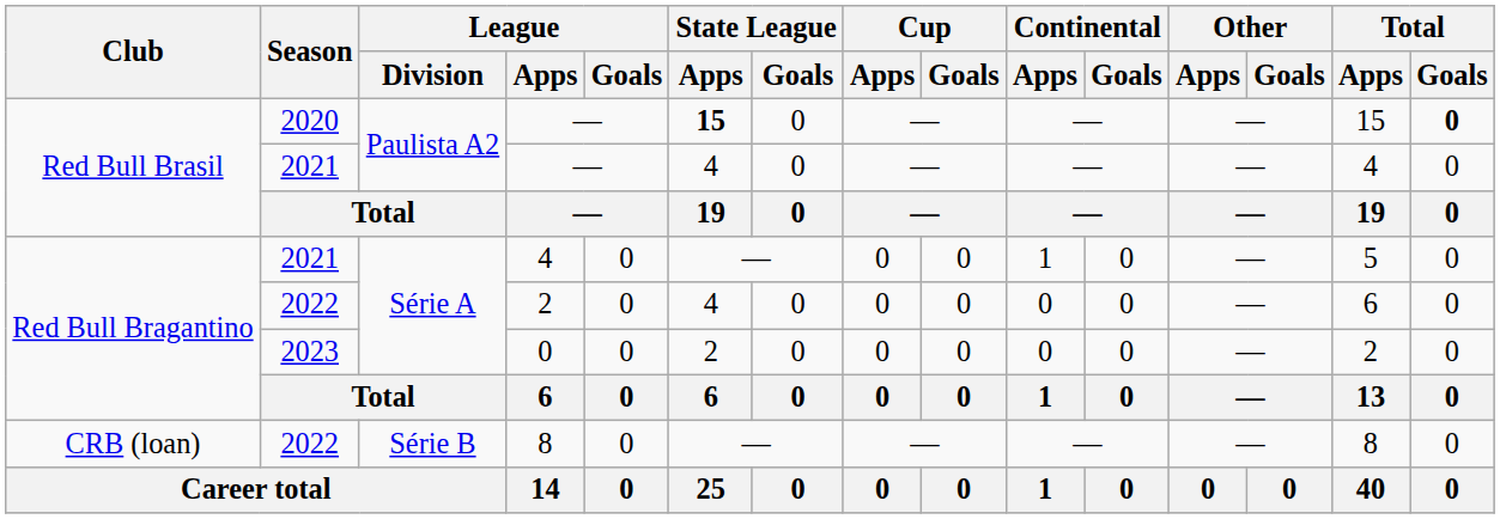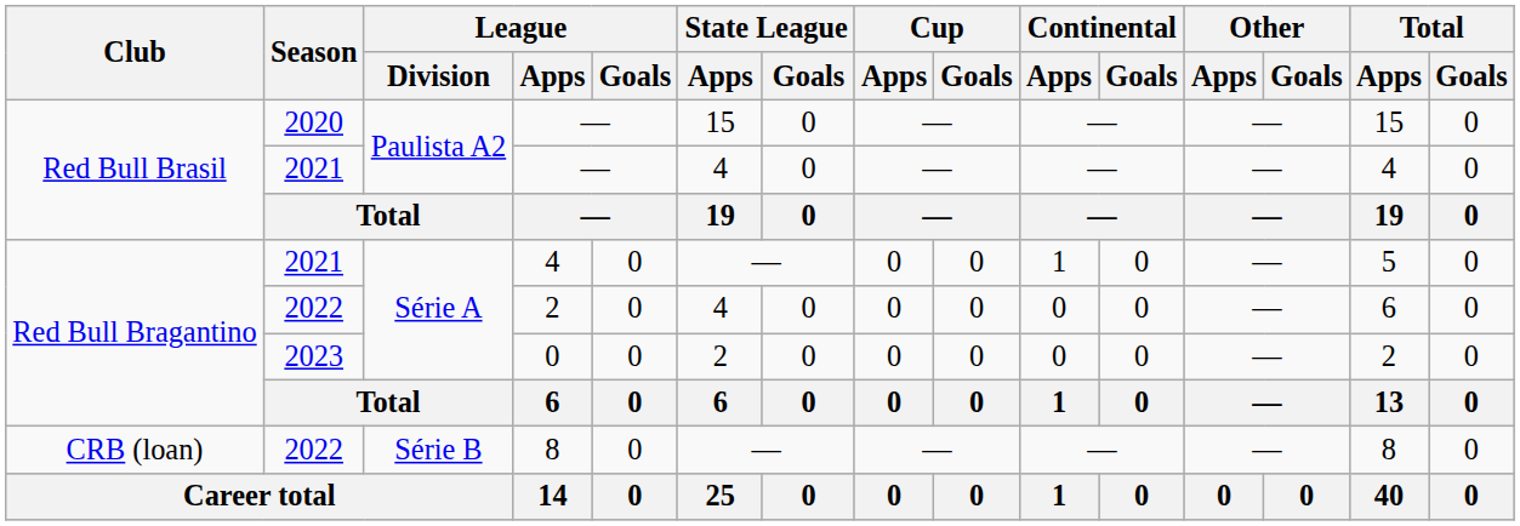 <table class="wikitable" style="text-align: center">
 <tr>
 <th rowspan="2">Club</th>
 <th rowspan="2">Season</th>
 <th colspan="3">League</th>
 <th colspan="2">State League</th>
 <th colspan="2">Cup</th>
 <th colspan="2">Continental</th>
 <th colspan="2">Other</th>
 <th colspan="2">Total</th>
 </tr>
 <tr>
 <th>Division</th>
 <th>Apps</th>
 <th>Goals</th>
 <th>Apps</th>
 <th>Goals</th>
 <th>Apps</th>
 <th>Goals</th>
 <th>Apps</th>
 <th>Goals</th>
 <th>Apps</th>
 <th>Goals</th>
 <th>Apps</th>
 <th>Goals</th>
 </tr>
 <tr>
 <td rowspan="3"><a href='#'>Red Bull Brasil</a></td>
 <td><a href='#'>2020</a></td>
 <td rowspan="2"><a href='#'>Paulista A2</a></td>
 <td colspan="2">—</td>
-<td><strong>15</strong></td>
+<td>15</td>
 <td>0</td>
 <td colspan="2">—</td>
 <td colspan="2">—</td>
 <td colspan="2">—</td>
 <td>15</td>
-<td><strong>0</strong></td>
+<td>0</td>
 </tr>
 <tr>
 <td><a href='#'>2021</a></td>
 <td colspan="2">—</td>
 <td>4</td>
 <td>0</td>
 <td colspan="2">—</td>
 <td colspan="2">—</td>
 <td colspan="2">—</td>
 <td>4</td>
 <td>0</td>
 </tr>
 <tr>
 <th colspan="2">Total</th>
 <th colspan="2">—</th>
 <th>19</th>
 <th>0</th>
 <th colspan="2">—</th>
 <th colspan="2">—</th>
 <th colspan="2">—</th>
 <th>19</th>
 <th>0</th>
 </tr>
 <tr>
 <td rowspan="4"><a href='#'>Red Bull Bragantino</a></td>
 <td><a href='#'>2021</a></td>
 <td rowspan="3"><a href='#'>Série A</a></td>
 <td>4</td>
 <td>0</td>
 <td colspan="2">—</td>
 <td>0</td>
 <td>0</td>
 <td>1</td>
 <td>0</td>
 <td colspan="2">—</td>
 <td>5</td>
 <td>0</td>
 </tr>
 <tr>
 <td><a href='#'>2022</a></td>
 <td>2</td>
 <td>0</td>
 <td>4</td>
 <td>0</td>
 <td>0</td>
 <td>0</td>
 <td>0</td>
 <td>0</td>
 <td colspan="2">—</td>
 <td>6</td>
 <td>0</td>
 </tr>
 <tr>
 <td><a href='#'>2023</a></td>
 <td>0</td>
 <td>0</td>
 <td>2</td>
 <td>0</td>
 <td>0</td>
 <td>0</td>
 <td>0</td>
 <td>0</td>
 <td colspan="2">—</td>
 <td>2</td>
 <td>0</td>
 </tr>
 <tr>
 <th colspan="2">Total</th>
 <th>6</th>
 <th>0</th>
 <th>6</th>
 <th>0</th>
 <th>0</th>
 <th>0</th>
 <th>1</th>
 <th>0</th>
 <th colspan="2">—</th>
 <th>13</th>
 <th>0</th>
 </tr>
 <tr>
 <td><a href='#'>CRB</a> (loan)</td>
 <td><a href='#'>2022</a></td>
 <td><a href='#'>Série B</a></td>
 <td>8</td>
 <td>0</td>
 <td colspan="2">—</td>
 <td colspan="2">—</td>
 <td colspan="2">—</td>
 <td colspan="2">—</td>
 <td>8</td>
 <td>0</td>
 </tr>
 <tr>
 <th colspan="3"><strong>Career total</strong></th>
 <th>14</th>
 <th>0</th>
 <th>25</th>
 <th>0</th>
 <th>0</th>
 <th>0</th>
 <th>1</th>
 <th>0</th>
 <th>0</th>
 <th>0</th>
 <th>40</th>
 <th>0</th>
 </tr>
 </table>
